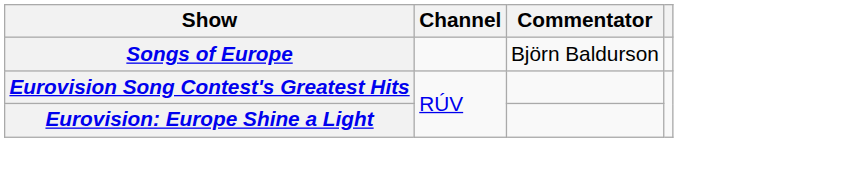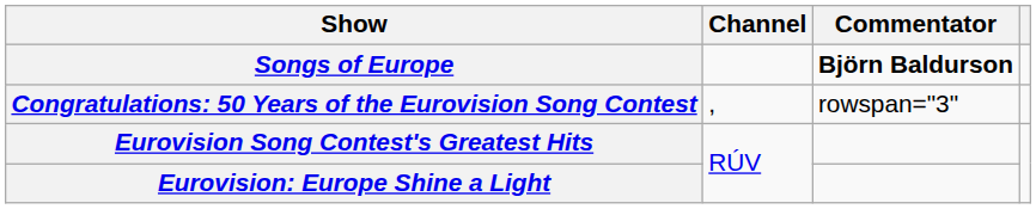 <table class="wikitable plainrowheaders">
 <tr>
 <th>Show</th>
 <th>Channel</th>
 <th>Commentator</th>
 <th></th>
 </tr>
 <tr>
 <th scope="row"><em><a href='#'>Songs of Europe</a></em></th>
 <td></td>
-<td>Björn Baldurson</td>
+<td><strong>Björn Baldurson</strong></td>
+<td style="text-align:center;"></td>
+</tr>
+<tr>
+<th scope="row"><em><a href='#'>Congratulations: 50 Years of the Eurovision Song Contest</a></em></th>
+<td>, </td>
+<td>rowspan="3" </td>
 <td style="text-align:center;"></td>
 </tr>
 <tr>
 <th scope="row"><em><a href='#'>Eurovision Song Contest's Greatest Hits</a></em></th>
 <td rowspan="2"><a href='#'>RÚV</a></td>
 <td style="text-align:center;"></td>
 </tr>
 <tr>
 <th scope="row"><em><a href='#'>Eurovision: Europe Shine a Light</a></em></th>
 <td style="text-align:center;"></td>
 </tr>
 </table>
